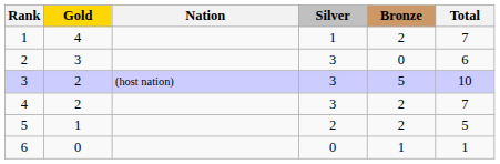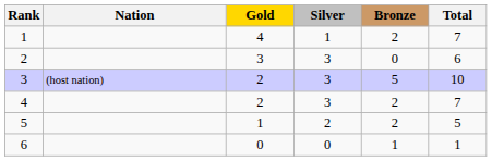 <table class="wikitable sortable plainrowheaders" style="text-align:center;max-width: 15cm; width: 100%">
 <tr>
 <th scope="col" style="width:4%">Rank</th>
+<th scope="col">Nation</th>
 <th scope="col" style="background-color:gold; width:14%;">Gold</th>
-<th scope="col">Nation</th>
 <th scope="col" style="background-color:silver; width:14%;">Silver</th>
 <th scope="col" style="background-color:#cc9966; width:14%;">Bronze</th>
 <th scope="col" style="width:12%;">Total</th>
 </tr>
 <tr>
 <td>1</td>
+<td align=left></td>
 <td>4</td>
-<td align=left></td>
 <td>1</td>
 <td>2</td>
 <td>7</td>
 </tr>
 <tr>
 <td>2</td>
+<td align=left></td>
 <td>3</td>
-<td align=left></td>
 <td>3</td>
 <td>0</td>
 <td>6</td>
 </tr>
 <tr style="background:#ccccff">
 <td>3</td>
+<td align=left> <small>(host nation)</small></td>
 <td>2</td>
-<td align=left> <small>(host nation)</small></td>
 <td>3</td>
 <td>5</td>
 <td>10</td>
 </tr>
 <tr>
 <td>4</td>
+<td align=left></td>
 <td>2</td>
-<td align=left></td>
 <td>3</td>
 <td>2</td>
 <td>7</td>
 </tr>
 <tr>
 <td>5</td>
+<td align=left></td>
 <td>1</td>
-<td align=left></td>
 <td>2</td>
 <td>2</td>
 <td>5</td>
 </tr>
 <tr>
 <td>6</td>
+<td align=left></td>
 <td>0</td>
-<td align=left></td>
 <td>0</td>
 <td>1</td>
 <td>1</td>
 </tr>
 </table>
